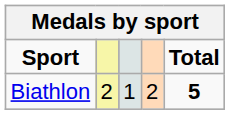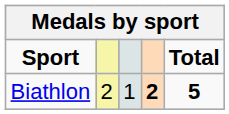 <table class="wikitable" style="font-size:85%;float:right;clear:right;">
 <tr style="background:#efefef;">
 <th colspan=5><strong>Medals by sport</strong></th>
 </tr>
 <tr align=center>
 <td><strong>Sport</strong></td>
 <td bgcolor=#f7f6a8></td>
 <td bgcolor=#dce5e5></td>
 <td bgcolor=#ffdab9></td>
 <td><strong>Total</strong></td>
 </tr>
 <tr align=center>
 <td><a href='#'>Biathlon</a></td>
 <td style="background:#F7F6A8;">2</td>
 <td style="background:#DCE5E5;">1</td>
-<td style="background:#FFDAB9;">2</td>
+<td style="background:#FFDAB9;"><strong>2</strong></td>
 <td><strong>5</strong></td>
 </tr>
 </table>
